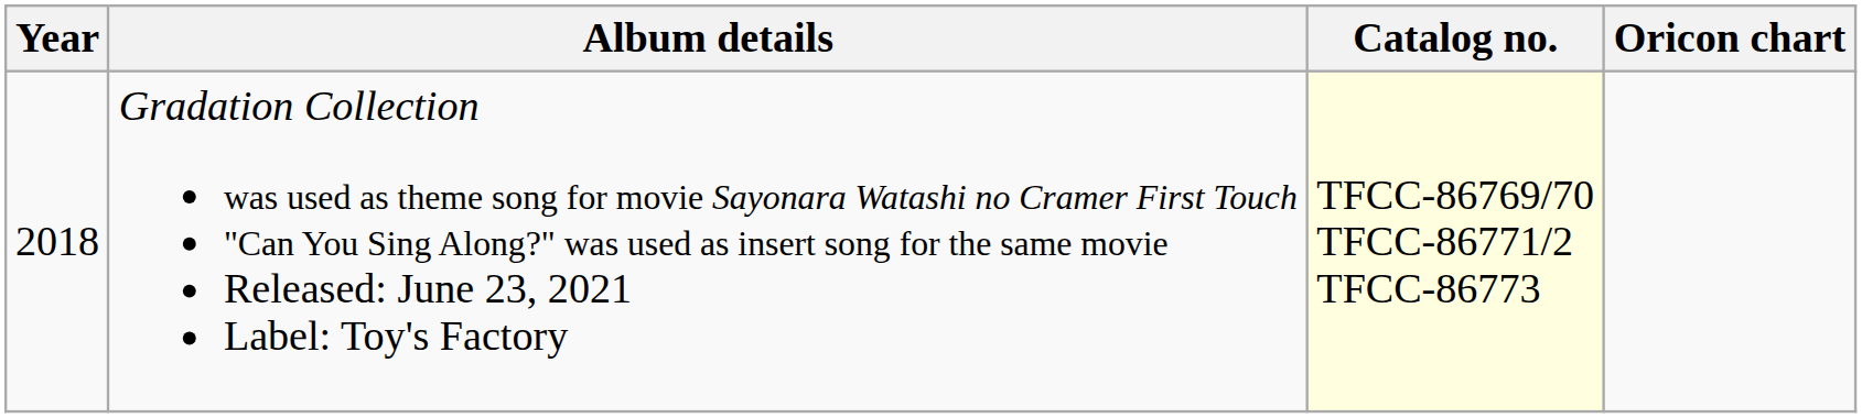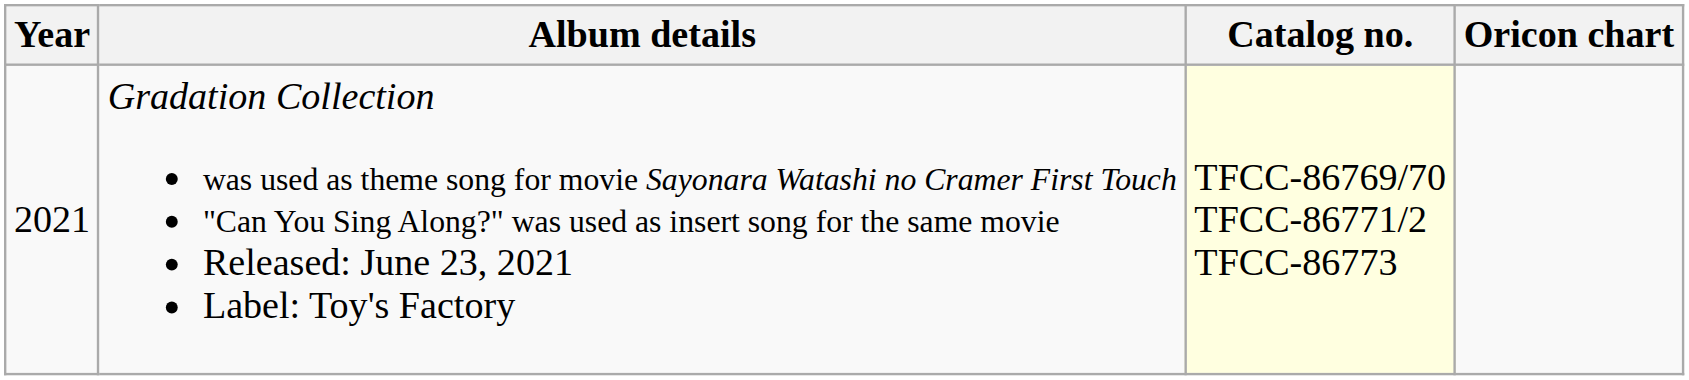 <table class="wikitable" border="1">
 <tr>
 <th scope="col">Year</th>
 <th scope="col">Album details</th>
 <th scope="col">Catalog no.</th>
 <th scope="col">Oricon chart</th>
 </tr>
 <tr>
-<td>2018</td>
+<td>2021</td>
 <td><em>Gradation Collection</em><br><ul><li><small> was used as theme song for movie <em>Sayonara Watashi no Cramer First Touch</em></small></li><li><small>"Can You Sing Along?" was used as insert song for the same movie</small></li><li>Released: June 23, 2021</li><li>Label: Toy's Factory</li></ul></td>
 <td style="background: lightyellow;">TFCC-86769/70<br>TFCC-86771/2<br>TFCC-86773</td>
 <td></td>
 </tr>
 </table>
